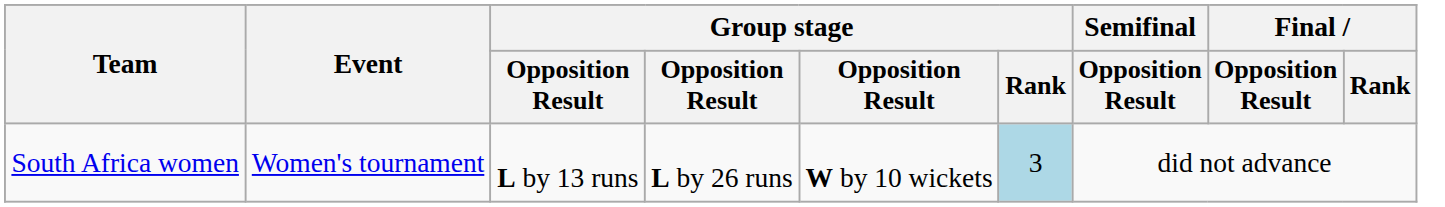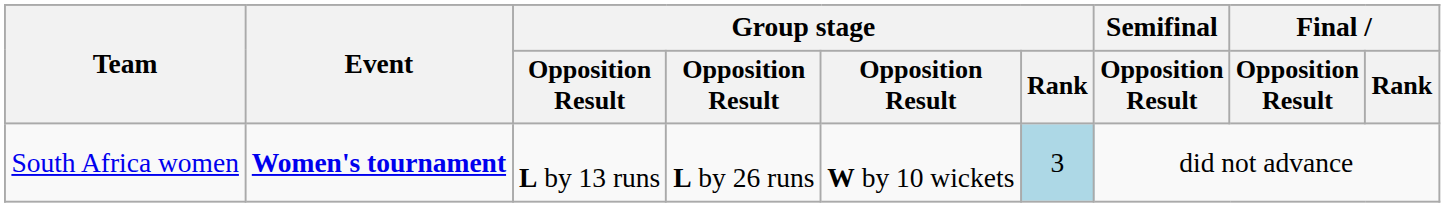 <table class=wikitable style="font-size:90%; text-align:center">
 <tr>
 <th rowspan=2>Team</th>
 <th rowspan=2>Event</th>
 <th colspan=4>Group stage</th>
 <th>Semifinal</th>
 <th colspan=2>Final / </th>
 </tr>
 <tr style=font-size:95%>
 <th>Opposition<br>Result</th>
 <th>Opposition<br>Result</th>
 <th>Opposition<br>Result</th>
 <th>Rank</th>
 <th>Opposition<br>Result</th>
 <th>Opposition<br>Result</th>
 <th>Rank</th>
 </tr>
 <tr>
 <td align=left><a href='#'>South Africa women</a></td>
-<td align=left><a href='#'>Women's tournament</a></td>
+<td align=left><strong><a href='#'>Women's tournament</a></strong></td>
 <td><br><strong>L</strong> by 13 runs</td>
 <td><br><strong>L</strong> by 26 runs</td>
 <td><br><strong>W</strong> by 10 wickets</td>
 <td style="background: lightblue;">3</td>
 <td colspan=3>did not advance</td>
 </tr>
 </table>
